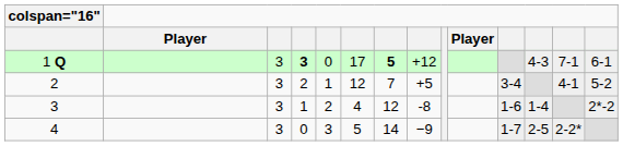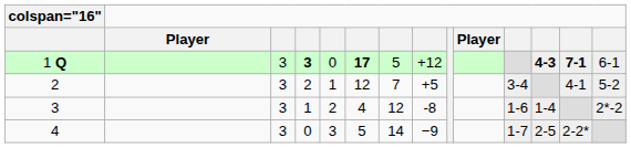 <table class=wikitable style=text-align:center>
 <tr>
 <th>colspan="16" </th>
 </tr>
 <tr>
 <th width=20 abbr=Position></th>
 <th width=175>Player</th>
 <th width=20 abbr=Played></th>
 <th width=20 abbr=Won></th>
 <th width=20 abbr=Lost></th>
 <th width=30 abbr=Points for></th>
 <th width=30 abbr=Points against></th>
 <th width=30 abbr=Points difference></th>
 <th rowspan="5" abbr=H2H></th>
 <th>Player</th>
 <th></th>
 <th></th>
 <th></th>
 <th></th>
 </tr>
 <tr bgcolor=#CCFFCC>
 <td>1 <strong>Q</strong></td>
 <td align=left></td>
 <td>3</td>
 <td><strong>3</strong></td>
 <td>0</td>
-<td>17</td>
-<td><strong>5</strong></td>
+<td><strong>17</strong></td>
+<td>5</td>
 <td>+12</td>
 <td></td>
 <td bgcolor="#dddddd"> </td>
-<td bgcolor="#efefef">4-3</td>
-<td bgcolor="#efefef">7-1</td>
+<td bgcolor="#efefef"><strong>4-3</strong></td>
+<td bgcolor="#efefef"><strong>7-1</strong></td>
 <td bgcolor="#efefef">6-1</td>
 </tr>
 <tr>
 <td>2  </td>
 <td align=left></td>
 <td>3</td>
 <td>2</td>
 <td>1</td>
 <td>12</td>
 <td>7</td>
 <td>+5</td>
 <td></td>
 <td bgcolor="#efefef">3-4</td>
 <td bgcolor="#dddddd"> </td>
 <td bgcolor="#efefef">4-1</td>
 <td bgcolor="#efefef">5-2</td>
 </tr>
 <tr>
 <td>3 </td>
 <td align=left></td>
 <td>3</td>
 <td>1</td>
 <td>2</td>
 <td>4</td>
 <td>12</td>
 <td>-8</td>
 <td></td>
 <td bgcolor="#efefef">1-6</td>
 <td bgcolor="#efefef">1-4</td>
 <td bgcolor="#dddddd"> </td>
 <td bgcolor="#efefef">2*-2</td>
 </tr>
 <tr>
 <td>4 </td>
 <td align=left></td>
 <td>3</td>
 <td>0</td>
 <td>3</td>
 <td>5</td>
 <td>14</td>
 <td>−9</td>
 <td></td>
 <td bgcolor="#efefef">1-7</td>
 <td bgcolor="#efefef">2-5</td>
 <td bgcolor="#efefef">2-2*</td>
 <td bgcolor="#dddddd"> </td>
 </tr>
 </table>
